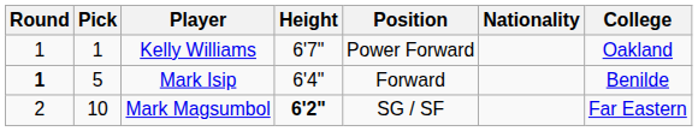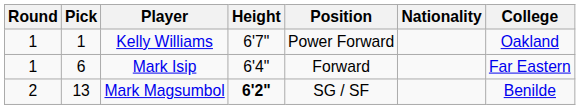 <table class="wikitable sortable sortable">
 <tr>
 <th>Round</th>
 <th>Pick</th>
 <th>Player</th>
 <th>Height</th>
 <th>Position</th>
 <th>Nationality</th>
 <th>College</th>
 </tr>
 <tr style="text-align: center">
 <td>1</td>
 <td>1</td>
 <td><a href='#'>Kelly Williams</a></td>
 <td>6'7"</td>
 <td>Power Forward</td>
 <td></td>
 <td><a href='#'>Oakland</a></td>
 </tr>
 <tr style="text-align: center">
-<td><strong>1</strong></td>
-<td>5</td>
+<td>1</td>
+<td>6</td>
 <td><a href='#'>Mark Isip</a></td>
 <td>6'4"</td>
 <td>Forward</td>
 <td></td>
-<td><a href='#'>Benilde</a></td>
+<td><a href='#'>Far Eastern</a></td>
 </tr>
 <tr style="text-align: center">
 <td>2</td>
-<td>10</td>
+<td>13</td>
 <td><a href='#'>Mark Magsumbol</a></td>
 <td><strong>6'2"</strong></td>
 <td>SG / SF</td>
 <td></td>
-<td><a href='#'>Far Eastern</a></td>
+<td><a href='#'>Benilde</a></td>
 </tr>
 </table>
